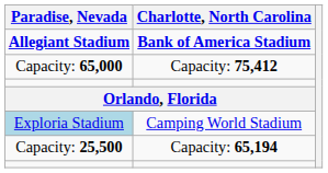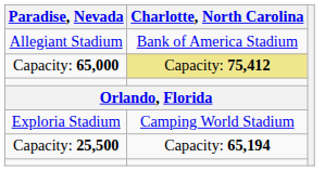 <table class="wikitable" style="text-align:center">
 <tr>
 <th><a href='#'>Paradise</a>, <a href='#'>Nevada</a></th>
 <th><a href='#'>Charlotte</a>, <a href='#'>North Carolina</a></th>
 <th rowspan="8"></th>
 </tr>
 <tr>
-<td><strong><a href='#'>Allegiant Stadium</a></strong></td>
-<td><strong><a href='#'>Bank of America Stadium</a></strong></td>
+<td><a href='#'>Allegiant Stadium</a></td>
+<td><a href='#'>Bank of America Stadium</a></td>
 </tr>
 <tr>
 <td>Capacity: <strong>65,000</strong></td>
-<td>Capacity: <strong>75,412</strong></td>
+<td style="background: khaki;">Capacity: <strong>75,412</strong></td>
 </tr>
 <tr>
 <td></td>
 <td></td>
 </tr>
 <tr>
 <th colspan="2"><a href='#'>Orlando</a>, <a href='#'>Florida</a></th>
 </tr>
 <tr>
-<td style="background: lightblue;"><a href='#'>Exploria Stadium</a></td>
+<td><a href='#'>Exploria Stadium</a></td>
 <td><a href='#'>Camping World Stadium</a></td>
 </tr>
 <tr>
 <td>Capacity: <strong>25,500</strong></td>
 <td>Capacity: <strong>65,194</strong></td>
 </tr>
 <tr>
 <td></td>
 <td></td>
 </tr>
 </table>
